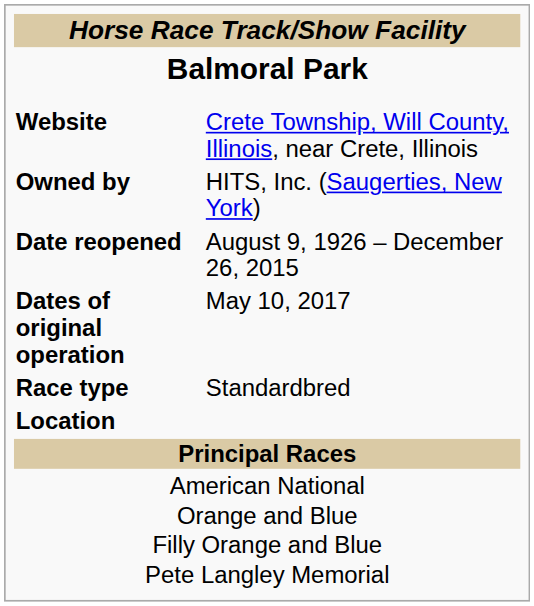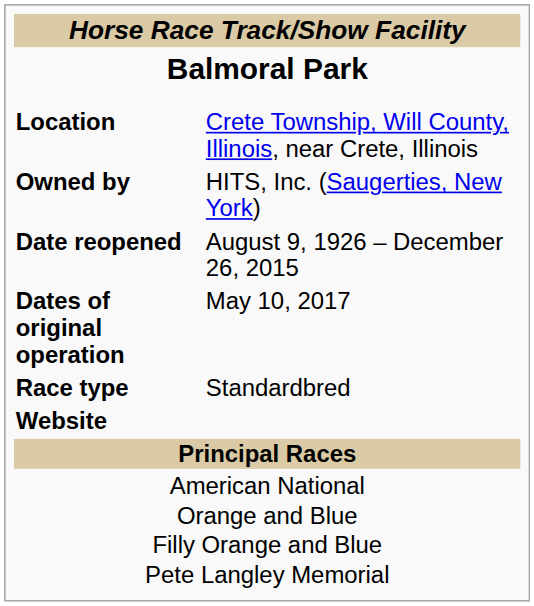 <table class="infobox" style="font-size:90%;width:22em;">
 <tr>
 <th style="font-size:110%;text-align:center;;background:#DACAA5;" colspan="2"><em>Horse Race Track/Show Facility</em></th>
 </tr>
 <tr>
 <th colspan="2" style="font-size:125%;text-align:center;">Balmoral Park</th>
 </tr>
 <tr>
 <td colspan="2" style="font-size:90%;text-align:center;padding-bottom:.5em;"></td>
 </tr>
 <tr>
-<td><strong>Website</strong></td>
+<td><strong>Location</strong></td>
 <td><a href='#'>Crete Township, Will County, Illinois</a>, near Crete, Illinois</td>
 </tr>
 <tr>
 <td><strong>Owned by</strong></td>
 <td>HITS, Inc. (<a href='#'>Saugerties, New York</a>)</td>
 </tr>
 <tr>
 <td><strong>Date reopened</strong></td>
 <td>August 9, 1926 – December 26, 2015</td>
 </tr>
 <tr>
 <td><strong>Dates of original operation</strong></td>
 <td>May 10, 2017</td>
 </tr>
 <tr>
 <td><strong>Race type</strong></td>
 <td>Standardbred</td>
 </tr>
 <tr>
-<td><strong>Location</strong></td>
+<td><strong>Website</strong></td>
 <td></td>
 </tr>
 <tr>
 <th style="background:#DACAA5;" colspan="2">Principal Races</th>
 </tr>
 <tr>
 <td colspan="2" style="text-align:center;width:25em; padding:0px; border:none;">American National</td>
 </tr>
 <tr>
 <td colspan="2" style="text-align:center;width:25em; padding:0px; border:none;">Orange and Blue</td>
 </tr>
 <tr>
 <td colspan="2" style="text-align:center;width:25em; padding:0px; border:none;">Filly Orange and Blue</td>
 </tr>
 <tr>
 <td colspan="2" style="text-align:center;width:25em; padding:0px; border:none;">Pete Langley Memorial</td>
 </tr>
 <tr>
 </tr>
 </table>
